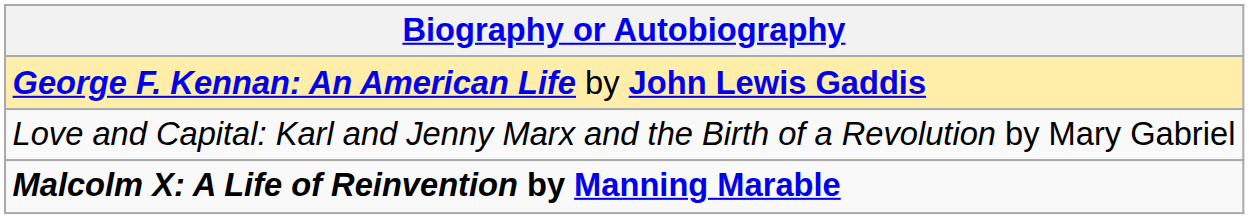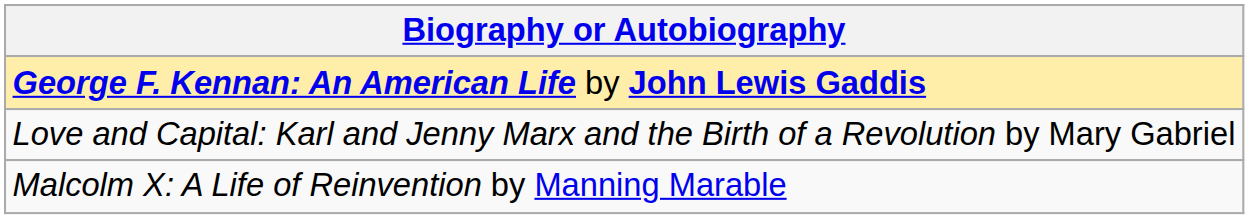 <table class="wikitable" style="float:left; float:none;">
 <tr>
 <th><a href='#'>Biography or Autobiography</a></th>
 </tr>
 <tr>
 <td style="background:#fea;"><strong><em><a href='#'>George F. Kennan: An American Life</a></em></strong> by <strong><a href='#'>John Lewis Gaddis</a></strong></td>
 </tr>
 <tr>
 <td><em>Love and Capital: Karl and Jenny Marx and the Birth of a Revolution</em> by Mary Gabriel</td>
 </tr>
 <tr>
-<td><strong><em>Malcolm X: A Life of Reinvention</em> by <a href='#'>Manning Marable</a></strong></td>
+<td><em>Malcolm X: A Life of Reinvention</em> by <a href='#'>Manning Marable</a></td>
 </tr>
 </table>
